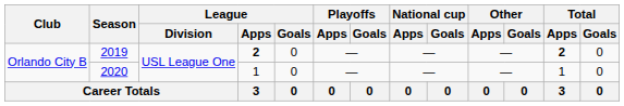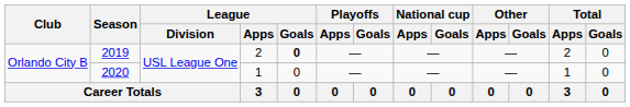 <table class="wikitable" style="text-align:center;">
 <tr>
 <th rowspan="2">Club</th>
 <th rowspan="2">Season</th>
 <th colspan="3">League</th>
 <th colspan="2">Playoffs</th>
 <th colspan="2">National cup</th>
 <th colspan="2">Other</th>
 <th colspan="2">Total</th>
 </tr>
 <tr>
 <th>Division</th>
 <th>Apps</th>
 <th>Goals</th>
 <th>Apps</th>
 <th>Goals</th>
 <th>Apps</th>
 <th>Goals</th>
 <th>Apps</th>
 <th>Goals</th>
 <th>Apps</th>
 <th>Goals</th>
 </tr>
 <tr>
 <td rowspan="2"><a href='#'>Orlando City B</a></td>
 <td><a href='#'>2019</a></td>
 <td rowspan="2"><a href='#'>USL League One</a></td>
-<td><strong>2</strong></td>
-<td>0</td>
+<td>2</td>
+<td><strong>0</strong></td>
 <td colspan="2">—</td>
 <td colspan="2">—</td>
 <td colspan="2">—</td>
-<td><strong>2</strong></td>
+<td>2</td>
 <td>0</td>
 </tr>
 <tr>
 <td><a href='#'>2020</a></td>
 <td>1</td>
 <td>0</td>
 <td colspan="2">—</td>
 <td colspan="2">—</td>
 <td colspan="2">—</td>
 <td>1</td>
 <td>0</td>
 </tr>
 <tr>
 <th colspan="3">Career Totals</th>
 <th>3</th>
 <th>0</th>
 <th>0</th>
 <th>0</th>
 <th>0</th>
 <th>0</th>
 <th>0</th>
 <th>0</th>
 <th>3</th>
 <th>0</th>
 </tr>
 </table>
